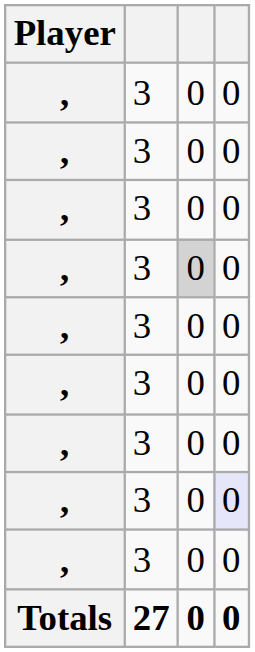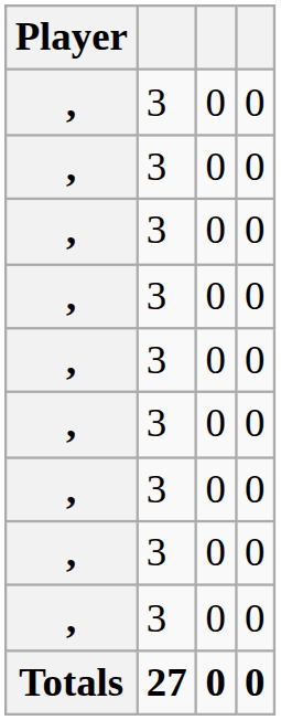 <table class="wikitable sortable plainrowheaders">
 <tr>
 <th scope="col">Player</th>
 <th scope="col"></th>
 <th scope="col"></th>
 <th scope="col"></th>
 </tr>
 <tr>
 <th scope="row">, </th>
 <td>3</td>
 <td>0</td>
 <td>0</td>
 </tr>
 <tr>
 <th scope="row">, </th>
 <td>3</td>
 <td>0</td>
 <td>0</td>
 </tr>
 <tr>
 <th scope="row">, </th>
 <td>3</td>
 <td>0</td>
 <td>0</td>
 </tr>
 <tr>
 <th scope="row">, </th>
 <td>3</td>
-<td style="background: lightgrey;">0</td>
+<td>0</td>
 <td>0</td>
 </tr>
 <tr>
 <th scope="row">, </th>
 <td>3</td>
 <td>0</td>
 <td>0</td>
 </tr>
 <tr>
 <th scope="row">, </th>
 <td>3</td>
 <td>0</td>
 <td>0</td>
 </tr>
 <tr>
 <th scope="row">, </th>
 <td>3</td>
 <td>0</td>
 <td>0</td>
 </tr>
 <tr>
 <th scope="row">, </th>
 <td>3</td>
 <td>0</td>
-<td style="background: lavender;">0</td>
+<td>0</td>
 </tr>
 <tr>
 <th scope="row">, </th>
 <td>3</td>
 <td>0</td>
 <td>0</td>
 </tr>
 <tr class="sortbottom">
 <th scope="row">Totals</th>
 <td><strong>27</strong></td>
 <td><strong>0</strong></td>
 <td><strong>0</strong></td>
 </tr>
 </table>
